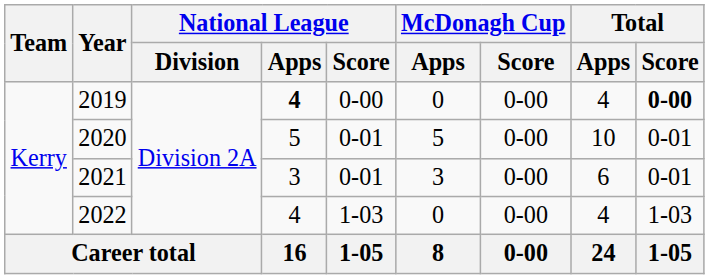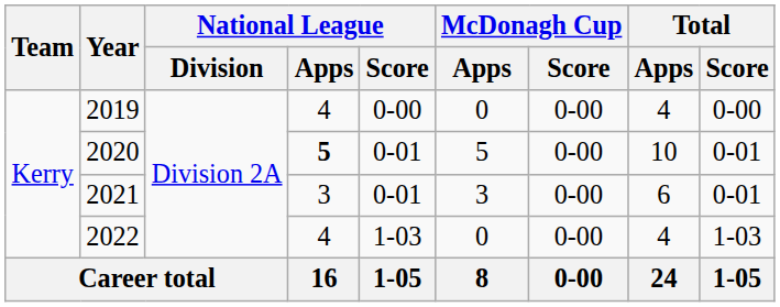 <table class="wikitable" style="text-align:center">
 <tr>
 <th rowspan="2">Team</th>
 <th rowspan="2">Year</th>
 <th colspan="3"><a href='#'>National League</a></th>
 <th colspan="2"><a href='#'>McDonagh Cup</a></th>
 <th colspan="2">Total</th>
 </tr>
 <tr>
 <th>Division</th>
 <th>Apps</th>
 <th>Score</th>
 <th>Apps</th>
 <th>Score</th>
 <th>Apps</th>
 <th>Score</th>
 </tr>
 <tr>
 <td rowspan="4"><a href='#'>Kerry</a></td>
 <td>2019</td>
 <td rowspan="4"><a href='#'>Division 2A</a></td>
-<td><strong>4</strong></td>
+<td>4</td>
 <td>0-00</td>
 <td>0</td>
 <td>0-00</td>
 <td>4</td>
-<td><strong>0-00</strong></td>
+<td>0-00</td>
 </tr>
 <tr>
 <td>2020</td>
-<td>5</td>
+<td><strong>5</strong></td>
 <td>0-01</td>
 <td>5</td>
 <td>0-00</td>
 <td>10</td>
 <td>0-01</td>
 </tr>
 <tr>
 <td>2021</td>
 <td>3</td>
 <td>0-01</td>
 <td>3</td>
 <td>0-00</td>
 <td>6</td>
 <td>0-01</td>
 </tr>
 <tr>
 <td>2022</td>
 <td>4</td>
 <td>1-03</td>
 <td>0</td>
 <td>0-00</td>
 <td>4</td>
 <td>1-03</td>
 </tr>
 <tr>
 <th colspan="3">Career total</th>
 <th>16</th>
 <th>1-05</th>
 <th>8</th>
 <th>0-00</th>
 <th>24</th>
 <th>1-05</th>
 </tr>
 </table>
